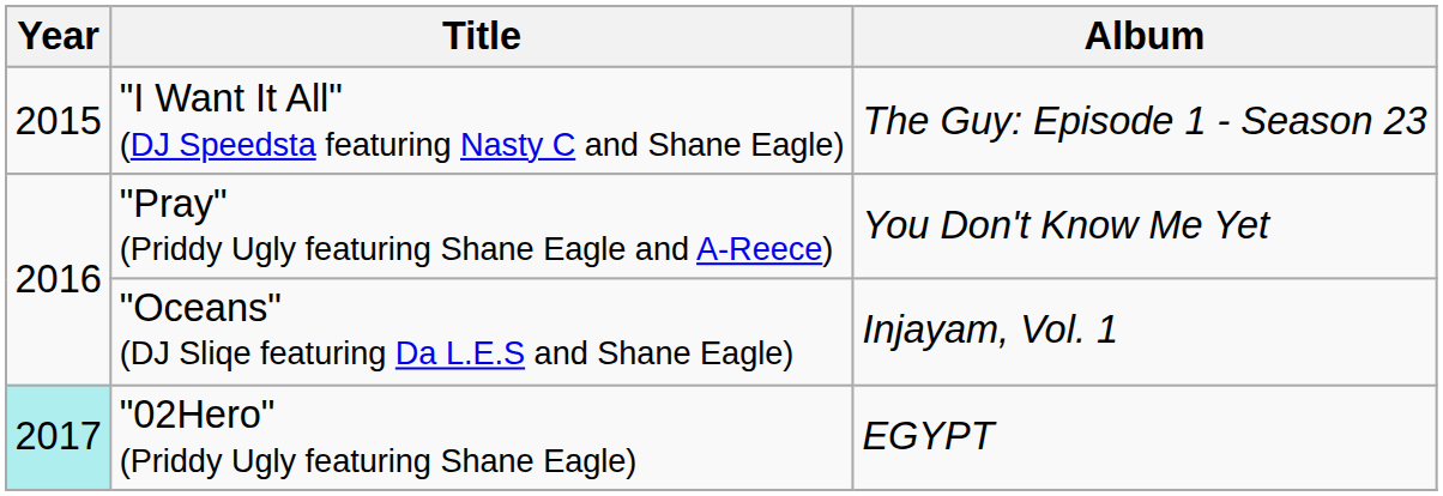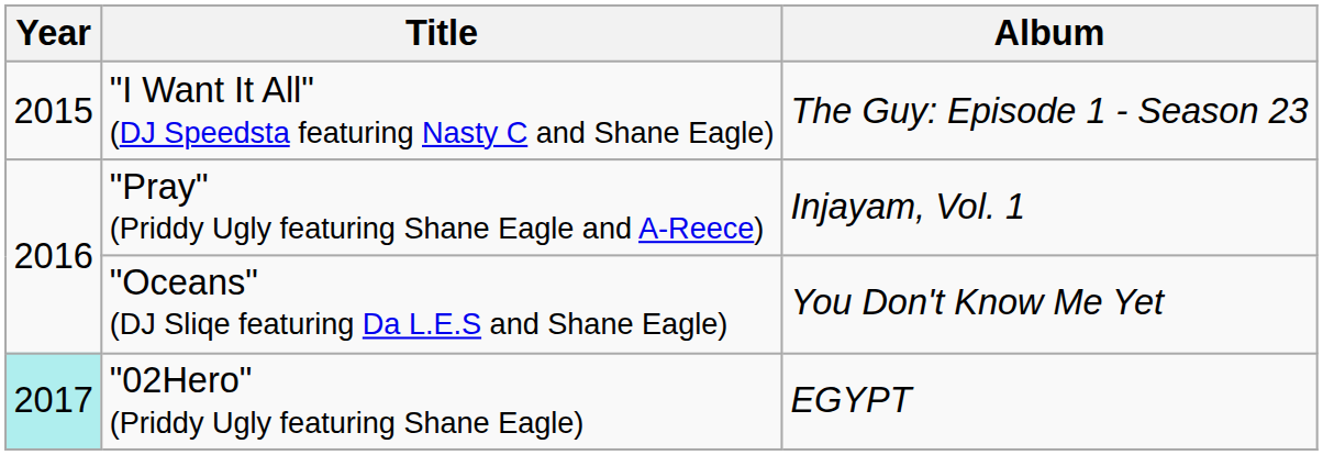 <table class="wikitable">
 <tr>
 <th>Year</th>
 <th>Title</th>
 <th>Album</th>
 </tr>
 <tr>
 <td>2015</td>
 <td>"I Want It All"<br><small>(<a href='#'>DJ Speedsta</a> featuring <a href='#'>Nasty C</a> and Shane Eagle)</small></td>
 <td><em>The Guy: Episode 1 - Season 23</em></td>
 </tr>
 <tr>
 <td rowspan="2">2016</td>
 <td>"Pray"<br><small>(Priddy Ugly featuring Shane Eagle and <a href='#'>A-Reece</a>)</small></td>
-<td><em>You Don't Know Me Yet</em></td>
+<td><em>Injayam, Vol. 1</em></td>
 </tr>
 <tr>
 <td>"Oceans"<br><small>(DJ Sliqe featuring <a href='#'>Da L.E.S</a> and Shane Eagle)</small></td>
-<td><em>Injayam, Vol. 1</em></td>
+<td><em>You Don't Know Me Yet</em></td>
 </tr>
 <tr>
 <td style="background: paleturquoise;">2017</td>
 <td>"02Hero"<br><small>(Priddy Ugly featuring Shane Eagle)</small></td>
 <td><em>EGYPT</em></td>
 </tr>
 </table>
